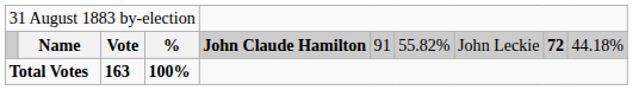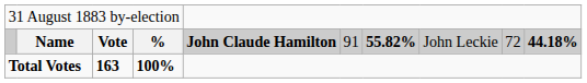 <table class="wikitable">
 <tr>
 <td colspan=4 align=center>31 August 1883 by-election</td>
 </tr>
 <tr bgcolor="CCCCCC">
 <td></td>
 <th><strong>Name </strong></th>
 <th><strong>Vote</strong></th>
 <th><strong>%</strong><br></th>
 <td><strong>John Claude Hamilton</strong></td>
 <td>91</td>
-<td>55.82%<br></td>
+<td><strong>55.82%<br></strong></td>
 <td>John Leckie</td>
-<td><strong>72</strong></td>
-<td>44.18%</td>
+<td>72</td>
+<td><strong>44.18%</strong></td>
 </tr>
 <tr>
 <td colspan=2><strong>Total Votes</strong></td>
 <td><strong>163</strong></td>
 <td alignment="left"><strong>100%</strong></td>
 </tr>
 </table>
